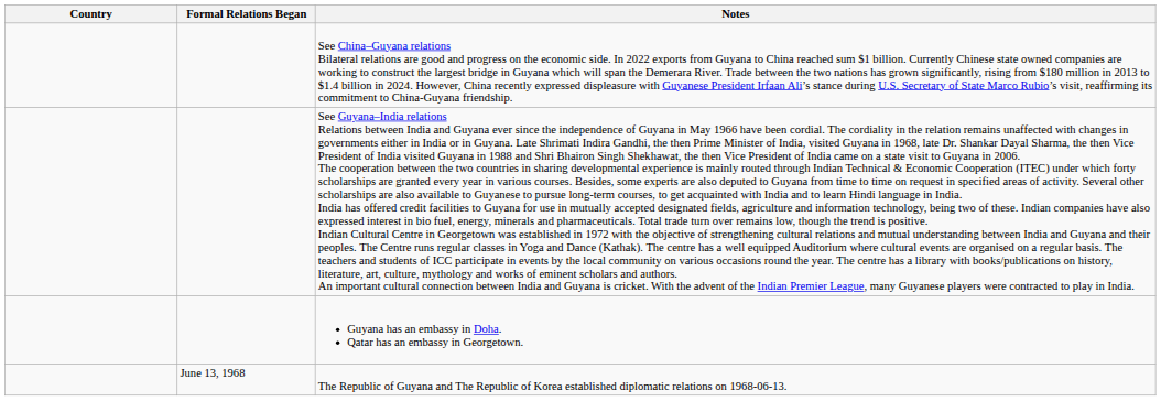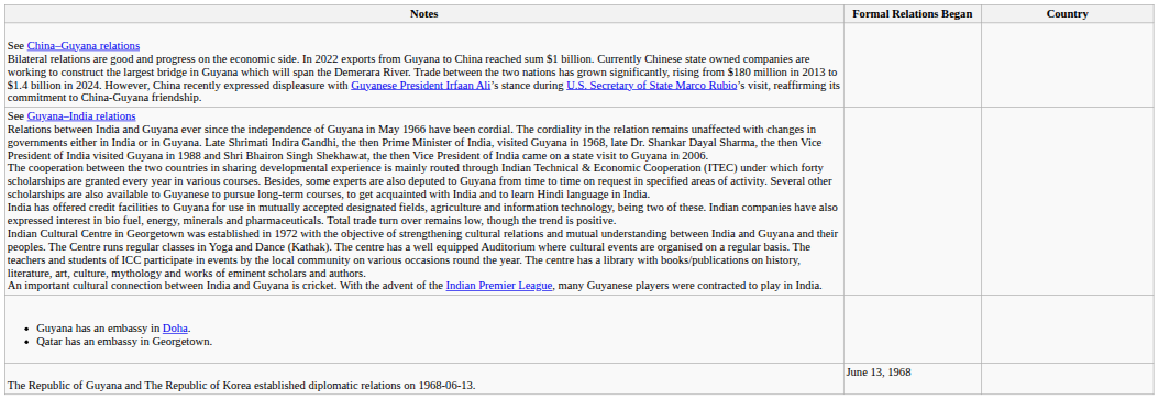 <table class="wikitable sortable" style="width:100%; margin:auto;">
 <tr>
+<th>Notes</th>
+<th style="width:12%;">Formal Relations Began</th>
 <th style="width:15%;">Country</th>
-<th style="width:12%;">Formal Relations Began</th>
-<th>Notes</th>
 </tr>
 <tr valign="top">
+<td><br>See <a href='#'>China–Guyana relations</a><br>Bilateral relations are good and progress on the economic side. In 2022 exports from Guyana to China reached sum $1 billion.  Currently Chinese state owned companies are working to construct the largest bridge in Guyana which will span the Demerara River. Trade between the two nations has grown significantly, rising from $180 million in 2013 to $1.4 billion in 2024. However, China recently expressed displeasure with <a href='#'>Guyanese President Irfaan Ali</a>’s stance during <a href='#'>U.S. Secretary of State Marco Rubio</a>’s visit, reaffirming its commitment to China-Guyana friendship.</td>
 <td></td>
 <td></td>
-<td><br>See <a href='#'>China–Guyana relations</a><br>Bilateral relations are good and progress on the economic side. In 2022 exports from Guyana to China reached sum $1 billion.  Currently Chinese state owned companies are working to construct the largest bridge in Guyana which will span the Demerara River. Trade between the two nations has grown significantly, rising from $180 million in 2013 to $1.4 billion in 2024. However, China recently expressed displeasure with <a href='#'>Guyanese President Irfaan Ali</a>’s stance during <a href='#'>U.S. Secretary of State Marco Rubio</a>’s visit, reaffirming its commitment to China-Guyana friendship.</td>
 </tr>
 <tr valign="top">
+<td>See <a href='#'>Guyana–India relations</a><br>Relations between India and Guyana ever since the independence of Guyana in May 1966 have been cordial. The cordiality in the relation remains unaffected with changes in governments either in India or in Guyana. Late Shrimati Indira Gandhi, the then Prime Minister of India, visited Guyana in 1968, late Dr. Shankar Dayal Sharma, the then Vice President of India visited Guyana in 1988 and Shri Bhairon Singh Shekhawat, the then Vice President of India came on a state visit to Guyana in 2006.<br>The cooperation between the two countries in sharing developmental experience is mainly routed through Indian Technical & Economic Cooperation (ITEC) under which forty scholarships are granted every year in various courses. Besides, some experts are also deputed to Guyana from time to time on request in specified areas of activity. Several other scholarships are also available to Guyanese to pursue long-term courses, to get acquainted with India and to learn Hindi language in India.<br>India has offered credit facilities to Guyana for use in mutually accepted designated fields, agriculture and information technology, being two of these. Indian companies have also expressed interest in bio fuel, energy, minerals and pharmaceuticals. Total trade turn over remains low, though the trend is positive.<br>Indian Cultural Centre in Georgetown was established in 1972 with the objective of strengthening cultural relations and mutual understanding between India and Guyana and their peoples. The Centre runs regular classes in Yoga and Dance (Kathak). The centre has a well equipped Auditorium where cultural events are organised on a regular basis.  The teachers and students of ICC participate in events by the local community on various occasions round the year. The centre has a library with books/publications on history, literature, art, culture, mythology and works of eminent scholars and authors.<br>An important cultural connection between India and Guyana is cricket. With the advent of the <a href='#'>Indian Premier League</a>, many Guyanese players were contracted to play in India.</td>
 <td></td>
 <td></td>
-<td>See <a href='#'>Guyana–India relations</a><br>Relations between India and Guyana ever since the independence of Guyana in May 1966 have been cordial. The cordiality in the relation remains unaffected with changes in governments either in India or in Guyana. Late Shrimati Indira Gandhi, the then Prime Minister of India, visited Guyana in 1968, late Dr. Shankar Dayal Sharma, the then Vice President of India visited Guyana in 1988 and Shri Bhairon Singh Shekhawat, the then Vice President of India came on a state visit to Guyana in 2006.<br>The cooperation between the two countries in sharing developmental experience is mainly routed through Indian Technical & Economic Cooperation (ITEC) under which forty scholarships are granted every year in various courses. Besides, some experts are also deputed to Guyana from time to time on request in specified areas of activity. Several other scholarships are also available to Guyanese to pursue long-term courses, to get acquainted with India and to learn Hindi language in India.<br>India has offered credit facilities to Guyana for use in mutually accepted designated fields, agriculture and information technology, being two of these. Indian companies have also expressed interest in bio fuel, energy, minerals and pharmaceuticals. Total trade turn over remains low, though the trend is positive.<br>Indian Cultural Centre in Georgetown was established in 1972 with the objective of strengthening cultural relations and mutual understanding between India and Guyana and their peoples. The Centre runs regular classes in Yoga and Dance (Kathak). The centre has a well equipped Auditorium where cultural events are organised on a regular basis.  The teachers and students of ICC participate in events by the local community on various occasions round the year. The centre has a library with books/publications on history, literature, art, culture, mythology and works of eminent scholars and authors.<br>An important cultural connection between India and Guyana is cricket. With the advent of the <a href='#'>Indian Premier League</a>, many Guyanese players were contracted to play in India.</td>
 </tr>
 <tr valign="top">
+<td><br><ul><li>Guyana has an embassy in <a href='#'>Doha</a>.</li><li>Qatar has an embassy in Georgetown.</li></ul></td>
 <td></td>
 <td></td>
-<td><br><ul><li>Guyana has an embassy in <a href='#'>Doha</a>.</li><li>Qatar has an embassy in Georgetown.</li></ul></td>
 </tr>
 <tr valign="top">
+<td><br>The Republic of Guyana and The Republic of Korea established diplomatic relations on 1968-06-13.</td>
+<td>June 13, 1968</td>
 <td></td>
-<td>June 13, 1968</td>
-<td><br>The Republic of Guyana and The Republic of Korea established diplomatic relations on 1968-06-13.</td>
 </tr>
 </table>
